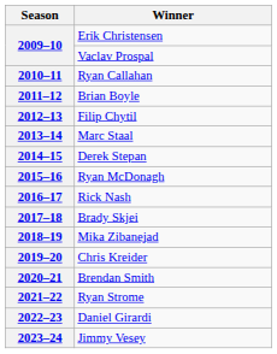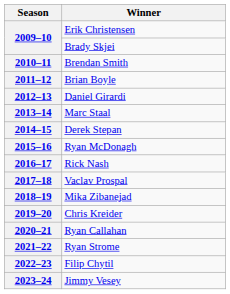 <table class="wikitable">
 <tr>
 <th scope="col" style="width:5em">Season</th>
 <th scope="col" style="width:15em">Winner</th>
 </tr>
 <tr>
 <th scope="row" rowspan="2"><a href='#'>2009–10</a></th>
 <td><a href='#'>Erik Christensen</a></td>
 </tr>
 <tr>
-<td><a href='#'>Vaclav Prospal</a></td>
+<td><a href='#'>Brady Skjei</a></td>
 </tr>
 <tr>
 <th scope="row"><a href='#'>2010–11</a></th>
-<td><a href='#'>Ryan Callahan</a></td>
+<td><a href='#'>Brendan Smith</a></td>
 </tr>
 <tr>
 <th scope="row"><a href='#'>2011–12</a></th>
 <td><a href='#'>Brian Boyle</a></td>
 </tr>
 <tr>
 <th scope="row"><a href='#'>2012–13</a></th>
-<td><a href='#'>Filip Chytil</a></td>
+<td><a href='#'>Daniel Girardi</a></td>
 </tr>
 <tr>
 <th scope="row"><a href='#'>2013–14</a></th>
 <td><a href='#'>Marc Staal</a></td>
 </tr>
 <tr>
 <th scope="row"><a href='#'>2014–15</a></th>
 <td><a href='#'>Derek Stepan</a></td>
 </tr>
 <tr>
 <th scope="row"><a href='#'>2015–16</a></th>
 <td><a href='#'>Ryan McDonagh</a></td>
 </tr>
 <tr>
 <th scope="row"><a href='#'>2016–17</a></th>
 <td><a href='#'>Rick Nash</a></td>
 </tr>
 <tr>
 <th scope="row"><a href='#'>2017–18</a></th>
-<td><a href='#'>Brady Skjei</a></td>
+<td><a href='#'>Vaclav Prospal</a></td>
 </tr>
 <tr>
 <th scope="row"><a href='#'>2018–19</a></th>
 <td><a href='#'>Mika Zibanejad</a></td>
 </tr>
 <tr>
 <th scope="row"><a href='#'>2019–20</a></th>
 <td><a href='#'>Chris Kreider</a></td>
 </tr>
 <tr>
 <th scope="row"><a href='#'>2020–21</a></th>
-<td><a href='#'>Brendan Smith</a></td>
+<td><a href='#'>Ryan Callahan</a></td>
 </tr>
 <tr>
 <th scope="row"><a href='#'>2021–22</a></th>
 <td><a href='#'>Ryan Strome</a></td>
 </tr>
 <tr>
 <th scope="row"><a href='#'>2022–23</a></th>
-<td><a href='#'>Daniel Girardi</a></td>
+<td><a href='#'>Filip Chytil</a></td>
 </tr>
 <tr>
 <th scope="row"><a href='#'>2023–24</a></th>
 <td><a href='#'>Jimmy Vesey</a></td>
 </tr>
 </table>
